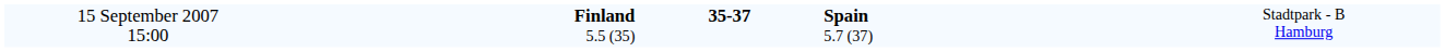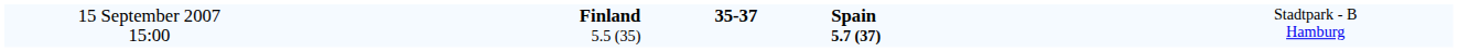 <table style="width: 100%; background:#F5FAFF;" cellspacing="0">
 <tr>
 <td align=center rowspan=3 width=20%>15 September 2007<br>15:00</td>
 </tr>
 <tr>
 <td width=24% align=right><strong>Finland</strong></td>
 <td align=center width=13%><strong>35-37</strong></td>
 <td width=24%><strong>Spain</strong></td>
 <td style=font-size:85% rowspan=3 valign=top align=center>Stadtpark - B <br><a href='#'>Hamburg</a></td>
 </tr>
 <tr style=font-size:85%>
 <td align=right>5.5 (35)</td>
 <td align=center></td>
-<td>5.7 (37)</td>
+<td><strong>5.7 (37)</strong></td>
 </tr>
 </table>
